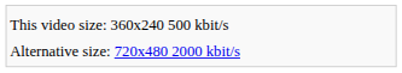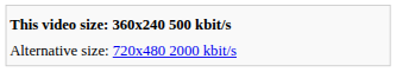 <table style="width:360px; float:right; border:1px solid #ccc; background:#f9f9f9; font-size:88%; line-height:1.5em;">
 <tr>
 <td></td>
 </tr>
 <tr>
-<td>This video size: 360x240 500 kbit/s</td>
+<td><strong>This video size: 360x240 500 kbit/s</strong></td>
 </tr>
 <tr>
 <td>Alternative size: <a href='#'>720x480 2000 kbit/s</a></td>
 </tr>
 </table>
